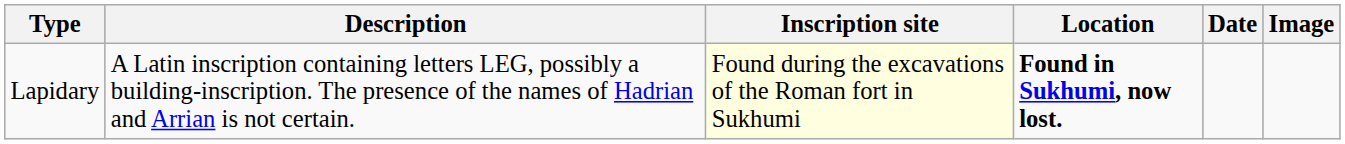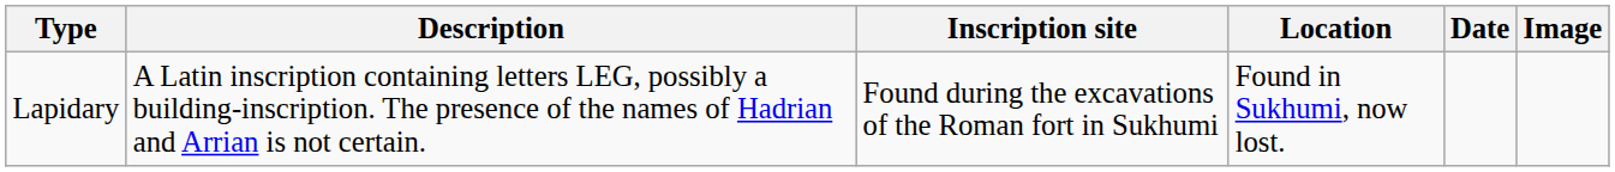 <table class="wikitable">
 <tr>
 <th>Type</th>
 <th>Description</th>
 <th>Inscription site</th>
 <th>Location</th>
 <th>Date</th>
 <th>Image</th>
 </tr>
 <tr>
 <td>Lapidary</td>
 <td>A Latin inscription containing letters LEG, possibly a building-inscription. The presence of the names of <a href='#'>Hadrian</a> and <a href='#'>Arrian</a> is not certain.</td>
-<td style="background: lightyellow;">Found during the excavations of the Roman fort in Sukhumi</td>
-<td><strong>Found in <a href='#'>Sukhumi</a>, now lost.</strong></td>
+<td>Found during the excavations of the Roman fort in Sukhumi</td>
+<td>Found in <a href='#'>Sukhumi</a>, now lost.</td>
 <td></td>
 </tr>
 </table>
